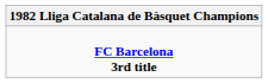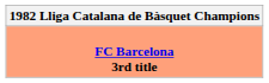 <table class=wikitable style="text-align:center; margin:auto">
 <tr>
 <th>1982 Lliga Catalana de Bàsquet Champions</th>
 </tr>
 <tr>
-<td> <br> <strong><a href='#'>FC Barcelona</a></strong> <br> <strong>3rd title</strong></td>
+<td style="background: lightsalmon;"> <br> <strong><a href='#'>FC Barcelona</a></strong> <br> <strong>3rd title</strong></td>
 </tr>
 </table>
